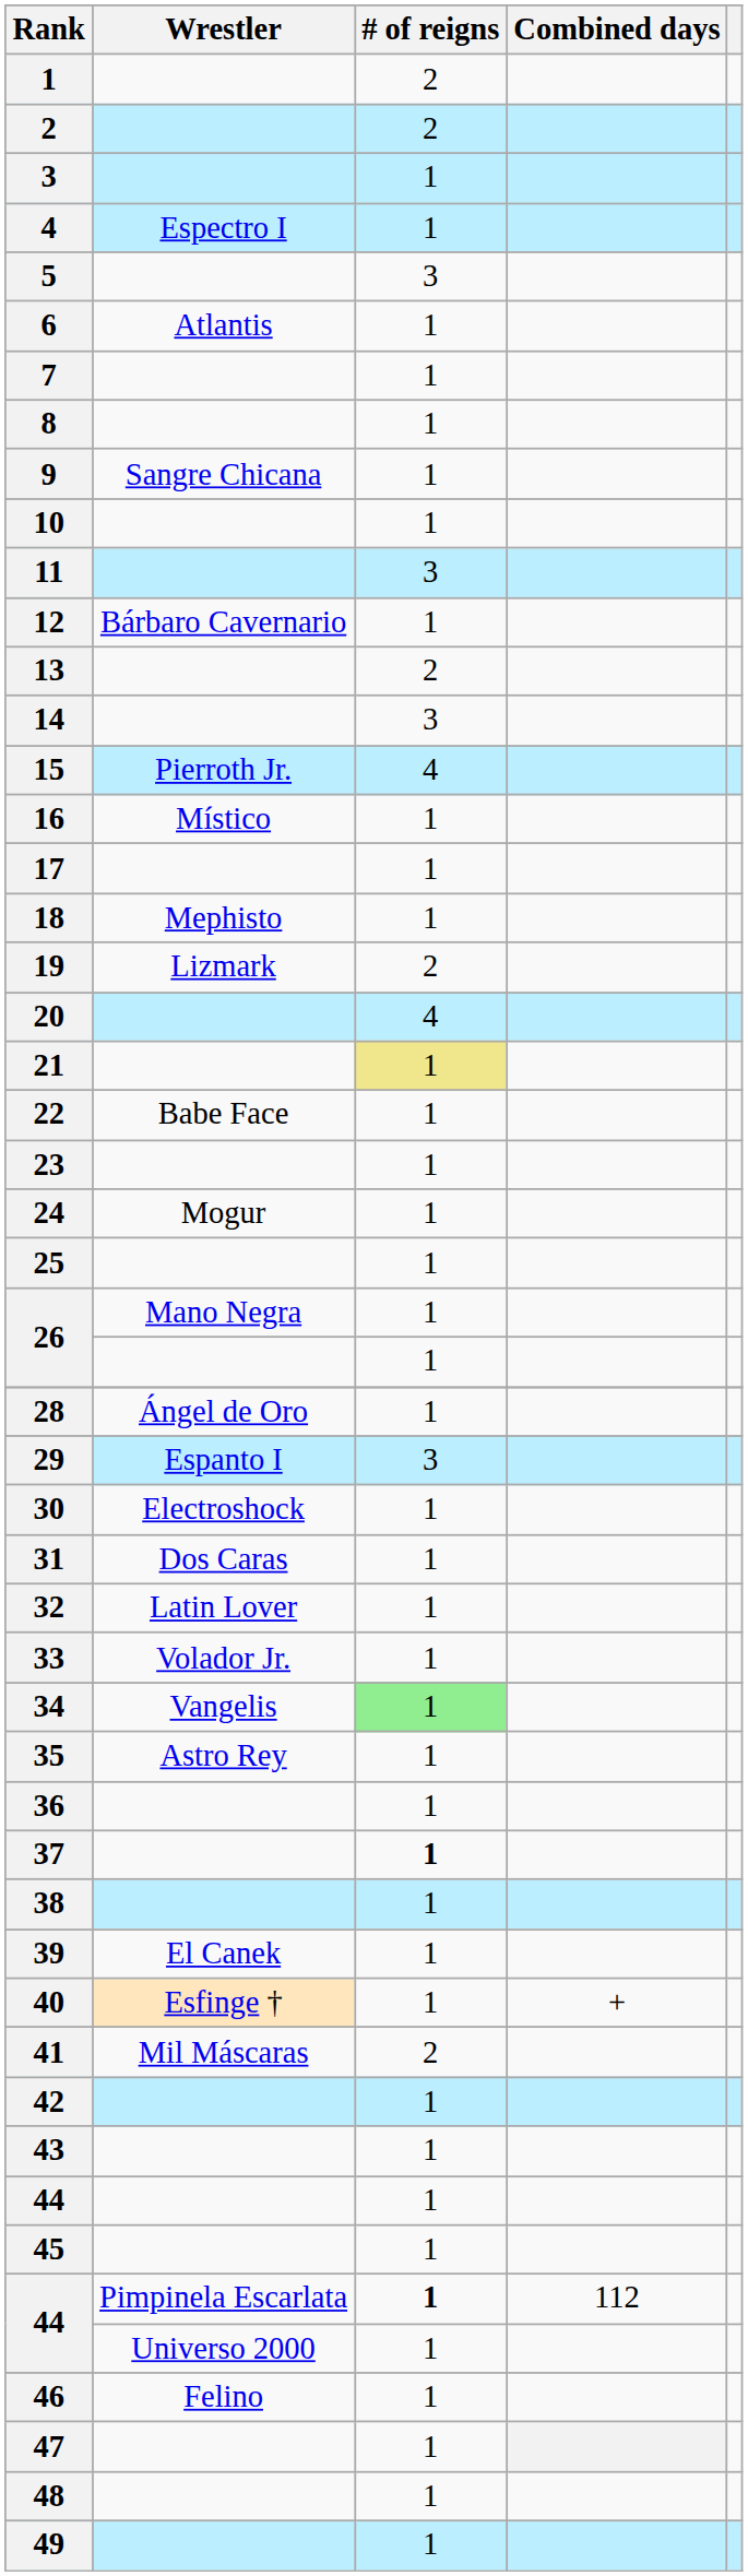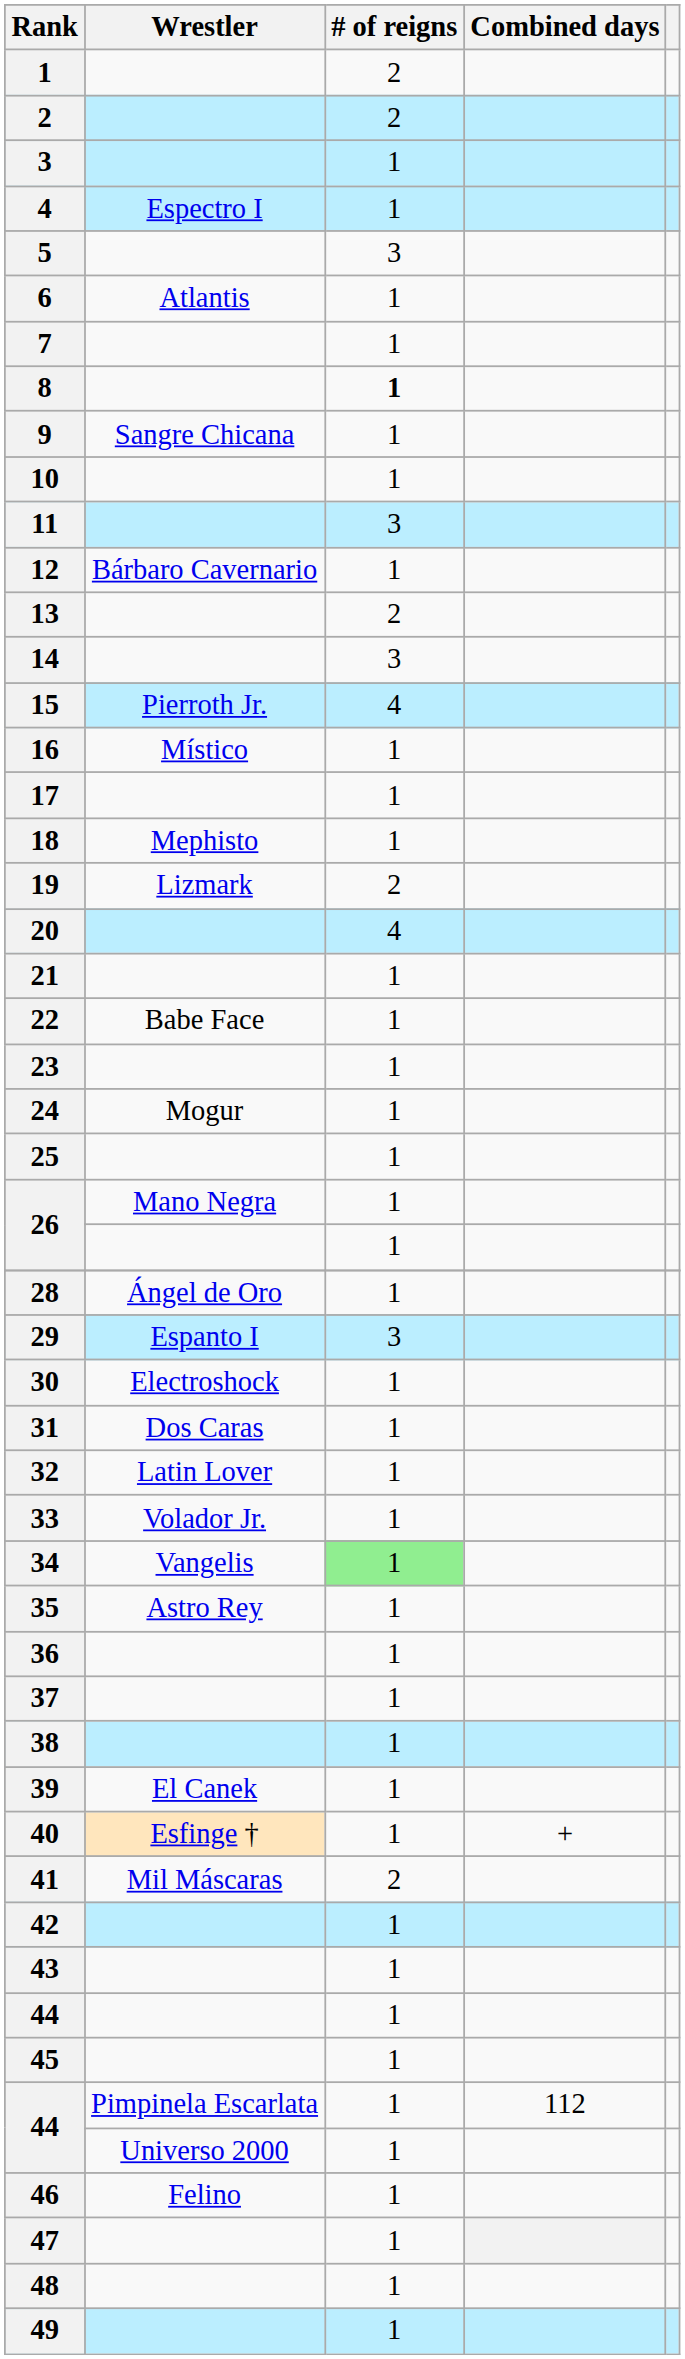 <table class="wikitable sortable" style="text-align: center">
 <tr>
 <th data-sort-type="number" scope="col">Rank</th>
 <th scope="col">Wrestler</th>
 <th data-sort-type="number" scope="col"># of reigns</th>
 <th data-sort-type="number" scope="col">Combined days</th>
 <th class="unsortable" scope="col"></th>
 </tr>
 <tr>
 <th>1</th>
 <td></td>
 <td>2</td>
 <td></td>
 <td></td>
 </tr>
 <tr style="background-color:#bbeeff">
 <th>2</th>
 <td></td>
 <td>2</td>
 <td></td>
 <td></td>
 </tr>
 <tr style="background-color:#bbeeff">
 <th>3</th>
 <td></td>
 <td>1</td>
 <td></td>
 <td></td>
 </tr>
 <tr style="background-color:#bbeeff">
 <th>4</th>
 <td><a href='#'>Espectro I</a></td>
 <td>1</td>
 <td></td>
 <td></td>
 </tr>
 <tr>
 <th>5</th>
 <td></td>
 <td>3</td>
 <td></td>
 <td></td>
 </tr>
 <tr>
 <th>6</th>
 <td><a href='#'>Atlantis</a></td>
 <td>1</td>
 <td></td>
 <td></td>
 </tr>
 <tr>
 <th>7</th>
 <td></td>
 <td>1</td>
 <td></td>
 <td></td>
 </tr>
 <tr>
 <th>8</th>
 <td></td>
-<td>1</td>
+<td><strong>1</strong></td>
 <td></td>
 <td></td>
 </tr>
 <tr>
 <th>9</th>
 <td><a href='#'>Sangre Chicana</a></td>
 <td>1</td>
 <td></td>
 <td></td>
 </tr>
 <tr>
 <th>10</th>
 <td></td>
 <td>1</td>
 <td></td>
 <td></td>
 </tr>
 <tr style="background-color:#bbeeff">
 <th>11</th>
 <td></td>
 <td>3</td>
 <td></td>
 <td></td>
 </tr>
 <tr>
 <th>12</th>
 <td><a href='#'>Bárbaro Cavernario</a></td>
 <td>1</td>
 <td></td>
 <td></td>
 </tr>
 <tr>
 <th>13</th>
 <td></td>
 <td>2</td>
 <td></td>
 <td></td>
 </tr>
 <tr>
 <th>14</th>
 <td></td>
 <td>3</td>
 <td></td>
 <td></td>
 </tr>
 <tr style="background-color:#bbeeff">
 <th>15</th>
 <td><a href='#'>Pierroth Jr.</a></td>
 <td>4</td>
 <td></td>
 <td></td>
 </tr>
 <tr>
 <th>16</th>
 <td><a href='#'>Místico</a></td>
 <td>1</td>
 <td></td>
 <td></td>
 </tr>
 <tr>
 <th>17</th>
 <td></td>
 <td>1</td>
 <td></td>
 <td></td>
 </tr>
 <tr>
 <th>18</th>
 <td><a href='#'>Mephisto</a></td>
 <td>1</td>
 <td></td>
 <td></td>
 </tr>
 <tr>
 <th>19</th>
 <td><a href='#'>Lizmark</a></td>
 <td>2</td>
 <td></td>
 <td></td>
 </tr>
 <tr style="background-color:#bbeeff">
 <th>20</th>
 <td></td>
 <td>4</td>
 <td></td>
 <td></td>
 </tr>
 <tr>
 <th>21</th>
 <td></td>
-<td style="background: khaki;">1</td>
+<td>1</td>
 <td></td>
 <td></td>
 </tr>
 <tr>
 <th>22</th>
 <td>Babe Face</td>
 <td>1</td>
 <td></td>
 <td></td>
 </tr>
 <tr>
 <th>23</th>
 <td></td>
 <td>1</td>
 <td></td>
 <td></td>
 </tr>
 <tr>
 <th>24</th>
 <td>Mogur</td>
 <td>1</td>
 <td></td>
 <td></td>
 </tr>
 <tr>
 <th>25</th>
 <td></td>
 <td>1</td>
 <td></td>
 <td></td>
 </tr>
 <tr>
 <th rowspan=2>26</th>
 <td><a href='#'>Mano Negra</a></td>
 <td>1</td>
 <td></td>
 <td></td>
 </tr>
 <tr>
 <td></td>
 <td>1</td>
 <td></td>
 <td></td>
 </tr>
 <tr style="background: #ffdead;">
 </tr>
 <tr style="background-color:#bbeeff">
 </tr>
 <tr>
 <th>28</th>
 <td><a href='#'>Ángel de Oro</a></td>
 <td>1</td>
 <td></td>
 <td></td>
 </tr>
 <tr style="background-color:#bbeeff">
 <th>29</th>
 <td><a href='#'>Espanto I</a></td>
 <td>3</td>
 <td></td>
 <td></td>
 </tr>
 <tr>
 <th>30</th>
 <td><a href='#'>Electroshock</a></td>
 <td>1</td>
 <td></td>
 <td></td>
 </tr>
 <tr>
 <th>31</th>
 <td><a href='#'>Dos Caras</a></td>
 <td>1</td>
 <td></td>
 <td></td>
 </tr>
 <tr>
 <th>32</th>
 <td><a href='#'>Latin Lover</a></td>
 <td>1</td>
 <td></td>
 <td></td>
 </tr>
 <tr>
 <th>33</th>
 <td><a href='#'>Volador Jr.</a></td>
 <td>1</td>
 <td></td>
 <td></td>
 </tr>
 <tr>
 <th>34</th>
 <td><a href='#'>Vangelis</a></td>
 <td style="background: lightgreen;">1</td>
 <td></td>
 <td></td>
 </tr>
 <tr>
 <th>35</th>
 <td><a href='#'>Astro Rey</a></td>
 <td>1</td>
 <td></td>
 <td></td>
 </tr>
 <tr>
 <th>36</th>
 <td></td>
 <td>1</td>
 <td></td>
 <td></td>
 </tr>
 <tr>
 <th>37</th>
 <td></td>
-<td><strong>1</strong></td>
+<td>1</td>
 <td></td>
 <td></td>
 </tr>
 <tr style="background-color:#bbeeff">
 <th>38</th>
 <td></td>
 <td>1</td>
 <td></td>
 <td></td>
 </tr>
 <tr>
 <th>39</th>
 <td><a href='#'>El Canek</a></td>
 <td>1</td>
 <td></td>
 <td></td>
 </tr>
 <tr>
 <th>40</th>
 <td style="background-color: #ffe6bd"><a href='#'>Esfinge</a> †</td>
 <td>1</td>
 <td>+</td>
 <td></td>
 </tr>
 <tr>
 <th>41</th>
 <td><a href='#'>Mil Máscaras</a></td>
 <td>2</td>
 <td></td>
 <td></td>
 </tr>
 <tr style="background-color:#bbeeff">
 <th>42</th>
 <td></td>
 <td>1</td>
 <td></td>
 <td></td>
 </tr>
 <tr>
 <th>43</th>
 <td></td>
 <td>1</td>
 <td></td>
 <td></td>
 </tr>
 <tr>
 <th>44</th>
 <td></td>
 <td>1</td>
 <td></td>
 <td></td>
 </tr>
 <tr>
 <th>45</th>
 <td></td>
 <td>1</td>
 <td></td>
 <td></td>
 </tr>
 <tr>
 <th rowspan=2>44</th>
 <td><a href='#'>Pimpinela Escarlata</a></td>
-<td><strong>1</strong></td>
+<td>1</td>
 <td>112</td>
 <td></td>
 </tr>
 <tr>
 <td><a href='#'>Universo 2000</a></td>
 <td>1</td>
 <td></td>
 <td></td>
 </tr>
 <tr>
 <th>46</th>
 <td><a href='#'>Felino</a></td>
 <td>1</td>
 <td></td>
 <td></td>
 </tr>
 <tr>
 <th>47</th>
 <td></td>
 <td>1</td>
 <th></th>
 <td></td>
 </tr>
 <tr>
 <th>48</th>
 <td></td>
 <td>1</td>
 <td></td>
 <td></td>
 </tr>
 <tr style="background-color:#bbeeff">
 <th>49</th>
 <td></td>
 <td>1</td>
 <td></td>
 <td></td>
 </tr>
 </table>
